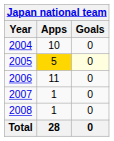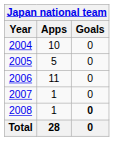 <table class="wikitable" style="text-align:center">
 <tr>
 <th colspan=3><a href='#'>Japan national team</a></th>
 </tr>
 <tr>
 <th>Year</th>
 <th>Apps</th>
 <th>Goals</th>
 </tr>
 <tr>
 <td><a href='#'>2004</a></td>
 <td>10</td>
 <td>0</td>
 </tr>
 <tr>
 <td><a href='#'>2005</a></td>
-<td style="background: gold;">5</td>
-<td style="background: lightyellow;">0</td>
+<td>5</td>
+<td>0</td>
 </tr>
 <tr>
 <td><a href='#'>2006</a></td>
 <td>11</td>
 <td>0</td>
 </tr>
 <tr>
 <td><a href='#'>2007</a></td>
 <td>1</td>
 <td>0</td>
 </tr>
 <tr>
 <td><a href='#'>2008</a></td>
 <td>1</td>
-<td>0</td>
+<td><strong>0</strong></td>
 </tr>
 <tr>
 <th>Total</th>
 <th>28</th>
 <th>0</th>
 </tr>
 </table>
